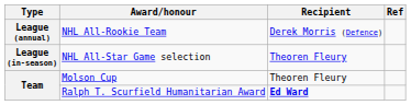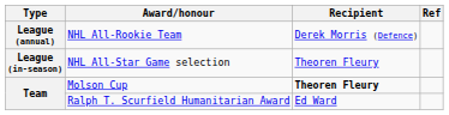 <table class="wikitable">
 <tr>
 <th scope="col">Type</th>
 <th scope="col">Award/honour</th>
 <th scope="col">Recipient</th>
 <th scope="col">Ref</th>
 </tr>
 <tr>
 <th scope="row">League<br><small>(annual)</small></th>
 <td><a href='#'>NHL All-Rookie Team</a></td>
 <td><a href='#'>Derek Morris</a> <small>(<a href='#'>Defence</a>)</small></td>
 <td></td>
 </tr>
 <tr>
 <th scope="row">League<br><small>(in-season)</small></th>
 <td><a href='#'>NHL All-Star Game</a> selection</td>
 <td><a href='#'>Theoren Fleury</a></td>
 <td></td>
 </tr>
 <tr>
 <th scope="row" rowspan="2">Team</th>
 <td><a href='#'>Molson Cup</a></td>
-<td>Theoren Fleury</td>
+<td><strong>Theoren Fleury</strong></td>
 <td></td>
 </tr>
 <tr>
 <td><a href='#'>Ralph T. Scurfield Humanitarian Award</a></td>
-<td><strong><a href='#'>Ed Ward</a></strong></td>
+<td><a href='#'>Ed Ward</a></td>
 <td></td>
 </tr>
 </table>
